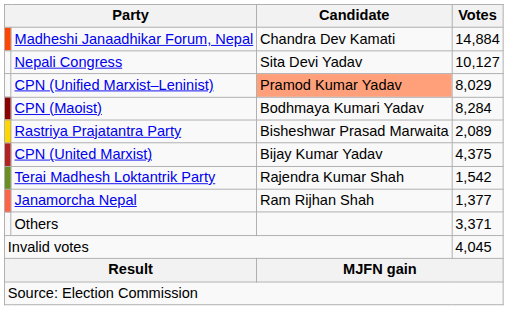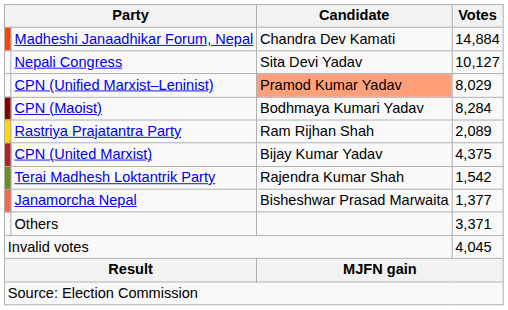 <table class="wikitable">
 <tr>
 <th colspan="2">Party</th>
 <th>Candidate</th>
 <th>Votes</th>
 </tr>
 <tr>
 <td style="background-color:orangered"></td>
 <td><a href='#'>Madheshi Janaadhikar Forum, Nepal</a></td>
 <td>Chandra Dev Kamati</td>
 <td>14,884</td>
 </tr>
 <tr>
 <td style="background-color:"></td>
 <td><a href='#'>Nepali Congress</a></td>
 <td>Sita Devi Yadav</td>
 <td>10,127</td>
 </tr>
 <tr>
 <td style="background-color:"></td>
 <td><a href='#'>CPN (Unified Marxist–Leninist)</a></td>
 <td style="background: lightsalmon;">Pramod Kumar Yadav</td>
 <td>8,029</td>
 </tr>
 <tr>
 <td style="background-color:darkred"></td>
 <td><a href='#'>CPN (Maoist)</a></td>
 <td>Bodhmaya Kumari Yadav</td>
 <td>8,284</td>
 </tr>
 <tr>
 <td style="background-color:gold"></td>
 <td><a href='#'>Rastriya Prajatantra Party</a></td>
-<td>Bisheshwar Prasad Marwaita</td>
+<td>Ram Rijhan Shah</td>
 <td>2,089</td>
 </tr>
 <tr>
 <td style="background-color:firebrick"></td>
 <td><a href='#'>CPN (United Marxist)</a></td>
 <td>Bijay Kumar Yadav</td>
 <td>4,375</td>
 </tr>
 <tr>
 <td style="background-color:olivedrab"></td>
 <td><a href='#'>Terai Madhesh Loktantrik Party</a></td>
 <td>Rajendra Kumar Shah</td>
 <td>1,542</td>
 </tr>
 <tr>
 <td style="background-color:tomato"></td>
 <td><a href='#'>Janamorcha Nepal</a></td>
-<td>Ram Rijhan Shah</td>
+<td>Bisheshwar Prasad Marwaita</td>
 <td>1,377</td>
 </tr>
 <tr>
 <td></td>
 <td>Others</td>
 <td></td>
 <td>3,371</td>
 </tr>
 <tr>
 <td colspan="3">Invalid votes</td>
 <td>4,045</td>
 </tr>
 <tr>
 <th colspan="2">Result</th>
 <th colspan="2">MJFN gain</th>
 </tr>
 <tr>
 <td colspan="4">Source: Election Commission</td>
 </tr>
 </table>
